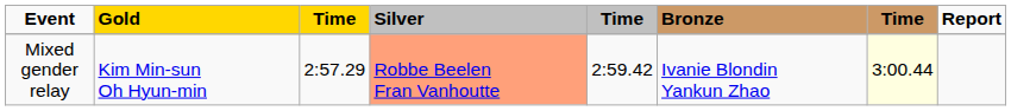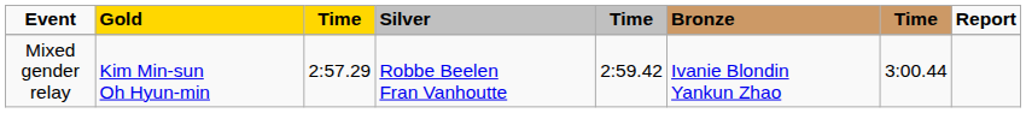 <table class="wikitable">
 <tr>
 <td width="80" align="center"><strong>Event</strong></td>
 <td width="240" bgcolor="gold"><strong>Gold</strong></td>
 <td width="50" bgcolor="gold" align="center"><strong>Time</strong></td>
 <td width="240" bgcolor="silver"><strong>Silver</strong></td>
 <td width="50" bgcolor="silver" align="center"><strong>Time</strong></td>
 <td width="240" bgcolor="#CC9966"><strong>Bronze</strong></td>
 <td width="50" bgcolor="#CC9966" align="center"><strong>Time</strong></td>
 <td width="50" align="center"><strong>Report</strong></td>
 </tr>
 <tr bgcolor="#cccccc">
 </tr>
 <tr>
 <td align="center">Mixed gender relay</td>
 <td><br><a href='#'>Kim Min-sun</a><br><a href='#'>Oh Hyun-min</a></td>
 <td align="right">2:57.29</td>
-<td style="background: lightsalmon;"><br><a href='#'>Robbe Beelen</a><br><a href='#'>Fran Vanhoutte</a></td>
+<td><br><a href='#'>Robbe Beelen</a><br><a href='#'>Fran Vanhoutte</a></td>
 <td align="right">2:59.42</td>
 <td><br><a href='#'>Ivanie Blondin</a><br><a href='#'>Yankun Zhao</a></td>
-<td align="right" style="background: lightyellow;">3:00.44</td>
+<td align="right">3:00.44</td>
 <td align="center"></td>
 </tr>
 </table>
